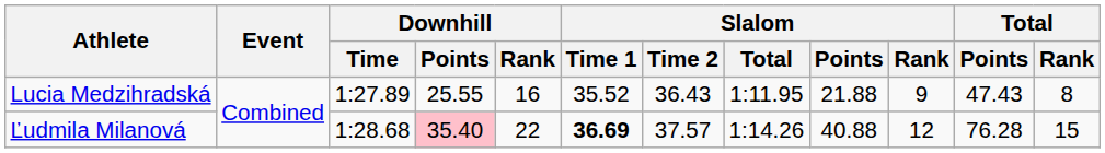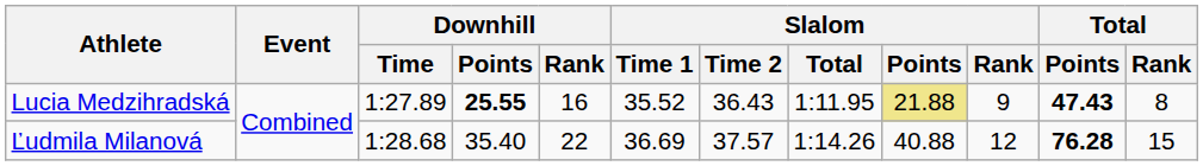 <table class="wikitable" style="font-size:90%">
 <tr>
 <th rowspan="2">Athlete</th>
 <th rowspan="2">Event</th>
 <th colspan="3">Downhill</th>
 <th colspan="5">Slalom</th>
 <th colspan="2">Total</th>
 </tr>
 <tr>
 <th>Time</th>
 <th>Points</th>
 <th>Rank</th>
 <th>Time 1</th>
 <th>Time 2</th>
 <th>Total</th>
 <th>Points</th>
 <th>Rank</th>
 <th>Points</th>
 <th>Rank</th>
 </tr>
 <tr align="center">
 <td align="left"><a href='#'>Lucia Medzihradská</a></td>
 <td align="left" rowspan=2><a href='#'>Combined</a></td>
 <td>1:27.89</td>
-<td>25.55</td>
+<td><strong>25.55</strong></td>
 <td>16</td>
 <td>35.52</td>
 <td>36.43</td>
 <td>1:11.95</td>
-<td>21.88</td>
+<td style="background: khaki;">21.88</td>
 <td>9</td>
-<td>47.43</td>
+<td><strong>47.43</strong></td>
 <td>8</td>
 </tr>
 <tr align="center">
 <td align="left"><a href='#'>Ľudmila Milanová</a></td>
 <td>1:28.68</td>
-<td style="background: pink;">35.40</td>
+<td>35.40</td>
 <td>22</td>
-<td><strong>36.69</strong></td>
+<td>36.69</td>
 <td>37.57</td>
 <td>1:14.26</td>
 <td>40.88</td>
 <td>12</td>
-<td>76.28</td>
+<td><strong>76.28</strong></td>
 <td>15</td>
 </tr>
 </table>
